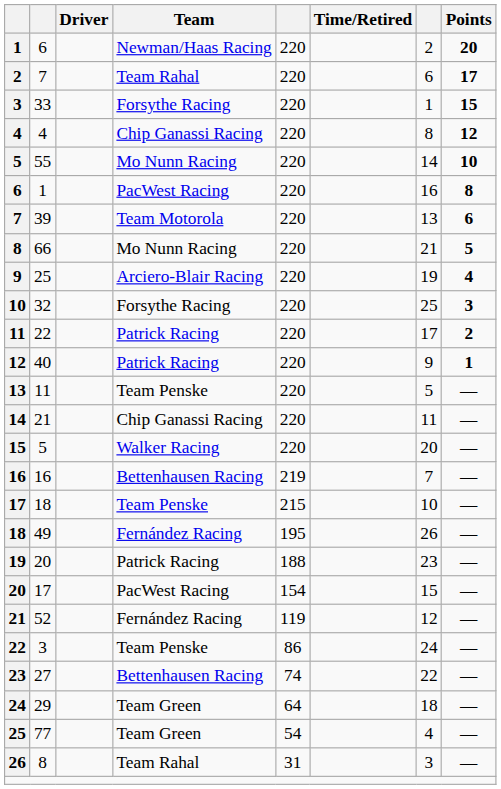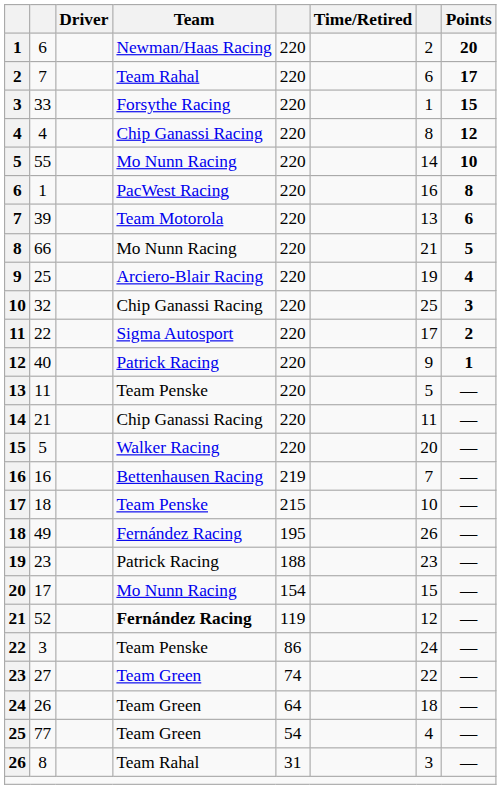 <table class="wikitable sortable" style="font-size: 95%;">
 <tr>
 <th scope="col"></th>
 <th scope="col"></th>
 <th scope="col">Driver</th>
 <th scope="col">Team</th>
 <th scope="col"></th>
 <th scope="col">Time/Retired</th>
 <th scope="col"></th>
 <th scope="col">Points</th>
 </tr>
 <tr>
 <th scope="row">1</th>
 <td align="center">6</td>
 <td></td>
 <td><a href='#'>Newman/Haas Racing</a></td>
 <td align="center">220</td>
 <td align="center"></td>
 <td align="center">2</td>
 <td align="center"><strong>20</strong></td>
 </tr>
 <tr>
 <th scope="row">2</th>
 <td align="center">7</td>
 <td></td>
 <td><a href='#'>Team Rahal</a></td>
 <td align="center">220</td>
 <td align="center"></td>
 <td align="center">6</td>
 <td align="center"><strong>17</strong></td>
 </tr>
 <tr>
 <th scope="row">3</th>
 <td align="center">33</td>
 <td></td>
 <td><a href='#'>Forsythe Racing</a></td>
 <td align="center">220</td>
 <td align="center"></td>
 <td align="center">1</td>
 <td align="center"><strong>15</strong></td>
 </tr>
 <tr>
 <th scope="row">4</th>
 <td align="center">4</td>
 <td></td>
 <td><a href='#'>Chip Ganassi Racing</a></td>
 <td align="center">220</td>
 <td align="center"></td>
 <td align="center">8</td>
 <td align="center"><strong>12</strong></td>
 </tr>
 <tr>
 <th scope="row">5</th>
 <td align="center">55</td>
 <td></td>
 <td><a href='#'>Mo Nunn Racing</a></td>
 <td align="center">220</td>
 <td align="center"></td>
 <td align="center">14</td>
 <td align="center"><strong>10</strong></td>
 </tr>
 <tr>
 <th scope="row">6</th>
 <td align="center">1</td>
 <td></td>
 <td><a href='#'>PacWest Racing</a></td>
 <td align="center">220</td>
 <td align="center"></td>
 <td align="center">16</td>
 <td align="center"><strong>8</strong></td>
 </tr>
 <tr>
 <th scope="row">7</th>
 <td align="center">39</td>
 <td></td>
 <td><a href='#'>Team Motorola</a></td>
 <td align="center">220</td>
 <td align="center"></td>
 <td align="center">13</td>
 <td align="center"><strong>6</strong></td>
 </tr>
 <tr>
 <th scope="row">8</th>
 <td align="center">66</td>
 <td></td>
 <td>Mo Nunn Racing</td>
 <td align="center">220</td>
 <td align="center"></td>
 <td align="center">21</td>
 <td align="center"><strong>5</strong></td>
 </tr>
 <tr>
 <th scope="row">9</th>
 <td align="center">25</td>
 <td></td>
 <td><a href='#'>Arciero-Blair Racing</a></td>
 <td align="center">220</td>
 <td align="center"></td>
 <td align="center">19</td>
 <td align="center"><strong>4</strong></td>
 </tr>
 <tr>
 <th scope="row">10</th>
 <td align="center">32</td>
 <td></td>
-<td>Forsythe Racing</td>
+<td>Chip Ganassi Racing</td>
 <td align="center">220</td>
 <td align="center"></td>
 <td align="center">25</td>
 <td align="center"><strong>3</strong></td>
 </tr>
 <tr>
 <th scope="row">11</th>
 <td align="center">22</td>
 <td></td>
-<td><a href='#'>Patrick Racing</a></td>
+<td><a href='#'>Sigma Autosport</a></td>
 <td align="center">220</td>
 <td align="center"></td>
 <td align="center">17</td>
 <td align="center"><strong>2</strong></td>
 </tr>
 <tr>
 <th scope="row">12</th>
 <td align="center">40</td>
 <td></td>
 <td><a href='#'>Patrick Racing</a></td>
 <td align="center">220</td>
 <td align="center"></td>
 <td align="center">9</td>
 <td align="center"><strong>1</strong></td>
 </tr>
 <tr>
 <th scope="row">13</th>
 <td align="center">11</td>
 <td></td>
 <td>Team Penske</td>
 <td align="center">220</td>
 <td align="center"></td>
 <td align="center">5</td>
 <td align="center">—</td>
 </tr>
 <tr>
 <th scope="row">14</th>
 <td align="center">21</td>
 <td></td>
 <td>Chip Ganassi Racing</td>
 <td align="center">220</td>
 <td align="center"></td>
 <td align="center">11</td>
 <td align="center">—</td>
 </tr>
 <tr>
 <th scope="row">15</th>
 <td align="center">5</td>
 <td></td>
 <td><a href='#'>Walker Racing</a></td>
 <td align="center">220</td>
 <td align="center"></td>
 <td align="center">20</td>
 <td align="center">—</td>
 </tr>
 <tr>
 <th scope="row">16</th>
 <td align="center">16</td>
 <td></td>
 <td><a href='#'>Bettenhausen Racing</a></td>
 <td align="center">219</td>
 <td align="center"></td>
 <td align="center">7</td>
 <td align="center">—</td>
 </tr>
 <tr>
 <th scope="row">17</th>
 <td align="center">18</td>
 <td></td>
 <td><a href='#'>Team Penske</a></td>
 <td align="center">215</td>
 <td align="center"></td>
 <td align="center">10</td>
 <td align="center">—</td>
 </tr>
 <tr>
 <th scope="row">18</th>
 <td align="center">49</td>
 <td></td>
 <td><a href='#'>Fernández Racing</a></td>
 <td align="center">195</td>
 <td align="center"></td>
 <td align="center">26</td>
 <td align="center">—</td>
 </tr>
 <tr>
 <th scope="row">19</th>
-<td align="center">20</td>
+<td align="center">23</td>
 <td></td>
 <td>Patrick Racing</td>
 <td align="center">188</td>
 <td align="center"></td>
 <td align="center">23</td>
 <td align="center">—</td>
 </tr>
 <tr>
 <th scope="row">20</th>
 <td align="center">17</td>
 <td></td>
-<td>PacWest Racing</td>
+<td><a href='#'>Mo Nunn Racing</a></td>
 <td align="center">154</td>
 <td align="center"></td>
 <td align="center">15</td>
 <td align="center">—</td>
 </tr>
 <tr>
 <th scope="row">21</th>
 <td align="center">52</td>
 <td></td>
-<td>Fernández Racing</td>
+<td><strong>Fernández Racing</strong></td>
 <td align="center">119</td>
 <td align="center"></td>
 <td align="center">12</td>
 <td align="center">—</td>
 </tr>
 <tr>
 <th scope="row">22</th>
 <td align="center">3</td>
 <td></td>
 <td>Team Penske</td>
 <td align="center">86</td>
 <td align="center"></td>
 <td align="center">24</td>
 <td align="center">—</td>
 </tr>
 <tr>
 <th scope="row">23</th>
 <td align="center">27</td>
 <td></td>
-<td><a href='#'>Bettenhausen Racing</a></td>
+<td><a href='#'>Team Green</a></td>
 <td align="center">74</td>
 <td align="center"></td>
 <td align="center">22</td>
 <td align="center">—</td>
 </tr>
 <tr>
 <th scope="row">24</th>
-<td align="center">29</td>
+<td align="center">26</td>
 <td></td>
 <td>Team Green</td>
 <td align="center">64</td>
 <td align="center"></td>
 <td align="center">18</td>
 <td align="center">—</td>
 </tr>
 <tr>
 <th scope="row">25</th>
 <td align="center">77</td>
 <td></td>
 <td>Team Green</td>
 <td align="center">54</td>
 <td align="center"></td>
 <td align="center">4</td>
 <td align="center">—</td>
 </tr>
 <tr>
 <th scope="row">26</th>
 <td align="center">8</td>
 <td></td>
 <td>Team Rahal</td>
 <td align="center">31</td>
 <td align="center"></td>
 <td align="center">3</td>
 <td align="center">—</td>
 </tr>
 <tr class="sortbottom">
 <td colspan="8"></td>
 </tr>
 </table>
